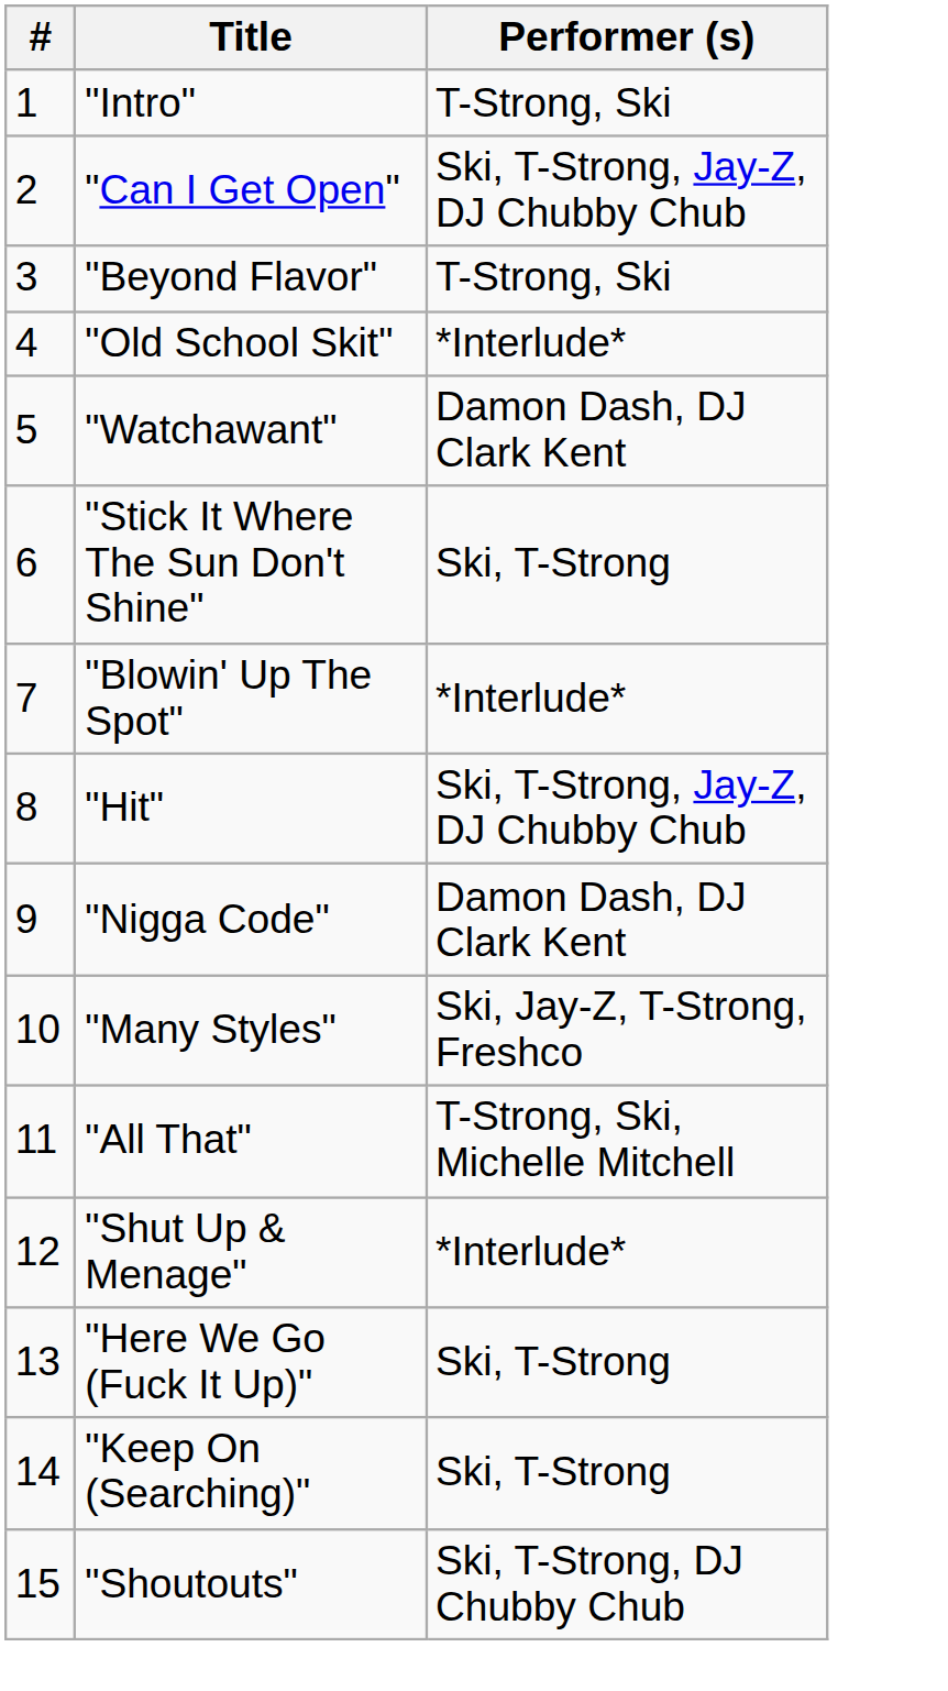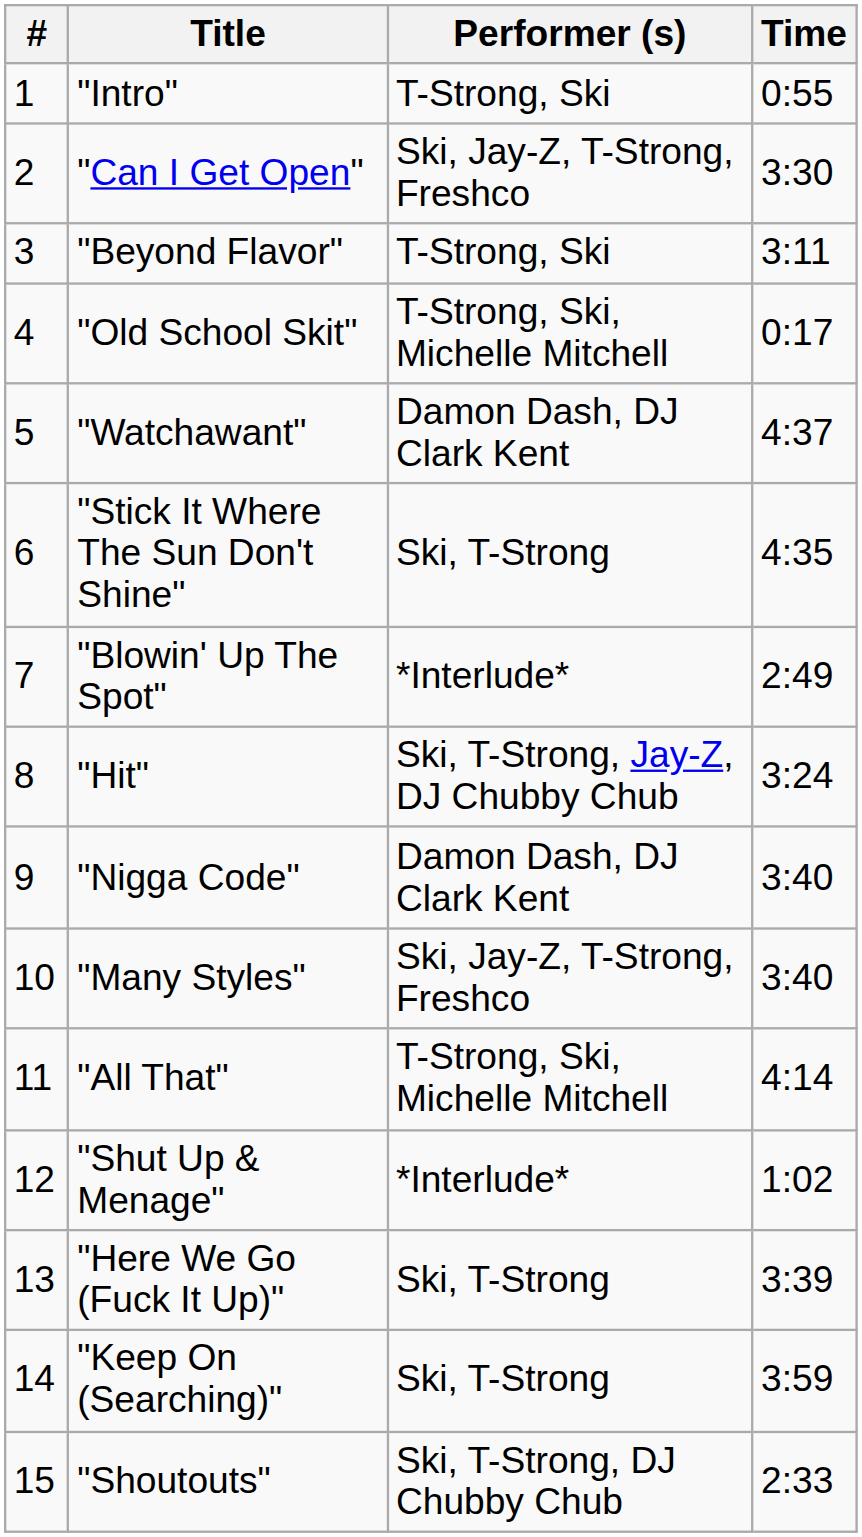 <table class="wikitable">
 <tr>
 <th align="center" width="20">#</th>
 <th align="center" width="130">Title</th>
 <th align="center" width="150">Performer (s)</th>
+<th align="center">Time</th>
 </tr>
 <tr>
 <td>1</td>
 <td>"Intro"</td>
 <td>T-Strong, Ski</td>
+<td>0:55</td>
 </tr>
 <tr>
 <td>2</td>
 <td>"<a href='#'>Can I Get Open</a>"</td>
-<td>Ski, T-Strong, <a href='#'>Jay-Z</a>, DJ Chubby Chub</td>
+<td>Ski, Jay-Z, T-Strong, Freshco</td>
+<td>3:30</td>
 </tr>
 <tr>
 <td>3</td>
 <td>"Beyond Flavor"</td>
 <td>T-Strong, Ski</td>
+<td>3:11</td>
 </tr>
 <tr>
 <td>4</td>
 <td>"Old School Skit"</td>
-<td>*Interlude*</td>
+<td>T-Strong, Ski, Michelle Mitchell</td>
+<td>0:17</td>
 </tr>
 <tr>
 <td>5</td>
 <td>"Watchawant"</td>
 <td>Damon Dash, DJ Clark Kent</td>
+<td>4:37</td>
 </tr>
 <tr>
 <td>6</td>
 <td>"Stick It Where The Sun Don't Shine"</td>
 <td>Ski, T-Strong</td>
+<td>4:35</td>
 </tr>
 <tr>
 <td>7</td>
 <td>"Blowin' Up The Spot"</td>
 <td>*Interlude*</td>
+<td>2:49</td>
 </tr>
 <tr>
 <td>8</td>
 <td>"Hit"</td>
 <td>Ski, T-Strong, <a href='#'>Jay-Z</a>, DJ Chubby Chub</td>
+<td>3:24</td>
 </tr>
 <tr>
 <td>9</td>
 <td>"Nigga Code"</td>
 <td>Damon Dash, DJ Clark Kent</td>
+<td>3:40</td>
 </tr>
 <tr>
 <td>10</td>
 <td>"Many Styles"</td>
 <td>Ski, Jay-Z, T-Strong, Freshco</td>
+<td>3:40</td>
 </tr>
 <tr>
 <td>11</td>
 <td>"All That"</td>
 <td>T-Strong, Ski, Michelle Mitchell</td>
+<td>4:14</td>
 </tr>
 <tr>
 <td>12</td>
 <td>"Shut Up & Menage"</td>
 <td>*Interlude*</td>
+<td>1:02</td>
 </tr>
 <tr>
 <td>13</td>
 <td>"Here We Go (Fuck It Up)"</td>
 <td>Ski, T-Strong</td>
+<td>3:39</td>
 </tr>
 <tr>
 <td>14</td>
 <td>"Keep On (Searching)"</td>
 <td>Ski, T-Strong</td>
+<td>3:59</td>
 </tr>
 <tr>
 <td>15</td>
 <td>"Shoutouts"</td>
 <td>Ski, T-Strong, DJ Chubby Chub</td>
+<td>2:33</td>
 </tr>
 </table>
